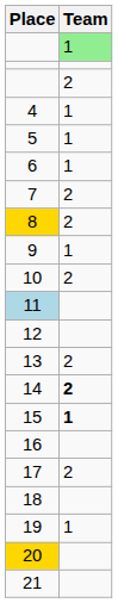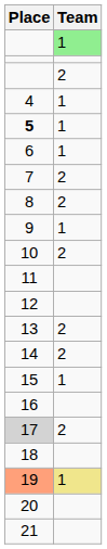 <table class="wikitable">
 <tr>
 <th>Place</th>
 <th>Team</th>
 </tr>
 <tr>
 <td align=center></td>
 <td style="background: lightgreen;"> 1</td>
 </tr>
 <tr>
 <td align=center></td>
 <td></td>
 </tr>
 <tr>
 <td align=center></td>
 <td> 2</td>
 </tr>
 <tr>
 <td align=center>4</td>
 <td> 1</td>
 </tr>
 <tr>
-<td align=center>5</td>
+<td align=center><strong>5</strong></td>
 <td> 1</td>
 </tr>
 <tr>
 <td align=center>6</td>
 <td> 1</td>
 </tr>
 <tr>
 <td align=center>7</td>
 <td> 2</td>
 </tr>
 <tr>
-<td align=center style="background: gold;">8</td>
+<td align=center>8</td>
 <td> 2</td>
 </tr>
 <tr>
 <td align=center>9</td>
 <td> 1</td>
 </tr>
 <tr>
 <td align=center>10</td>
 <td> 2</td>
 </tr>
 <tr>
-<td align=center style="background: lightblue;">11</td>
+<td align=center>11</td>
 <td></td>
 </tr>
 <tr>
 <td align=center>12</td>
 <td></td>
 </tr>
 <tr>
 <td align=center>13</td>
 <td> 2</td>
 </tr>
 <tr>
 <td align=center>14</td>
-<td><strong> 2</strong></td>
+<td> 2</td>
 </tr>
 <tr>
 <td align=center>15</td>
-<td><strong> 1</strong></td>
+<td> 1</td>
 </tr>
 <tr>
 <td align=center>16</td>
 <td></td>
 </tr>
 <tr>
-<td align=center>17</td>
+<td align=center style="background: lightgrey;">17</td>
 <td> 2</td>
 </tr>
 <tr>
 <td align=center>18</td>
 <td></td>
 </tr>
 <tr>
-<td align=center>19</td>
-<td> 1</td>
+<td align=center style="background: lightsalmon;">19</td>
+<td style="background: khaki;"> 1</td>
 </tr>
 <tr>
-<td align=center style="background: gold;">20</td>
+<td align=center>20</td>
 <td></td>
 </tr>
 <tr>
 <td align=center>21</td>
 <td></td>
 </tr>
 </table>
